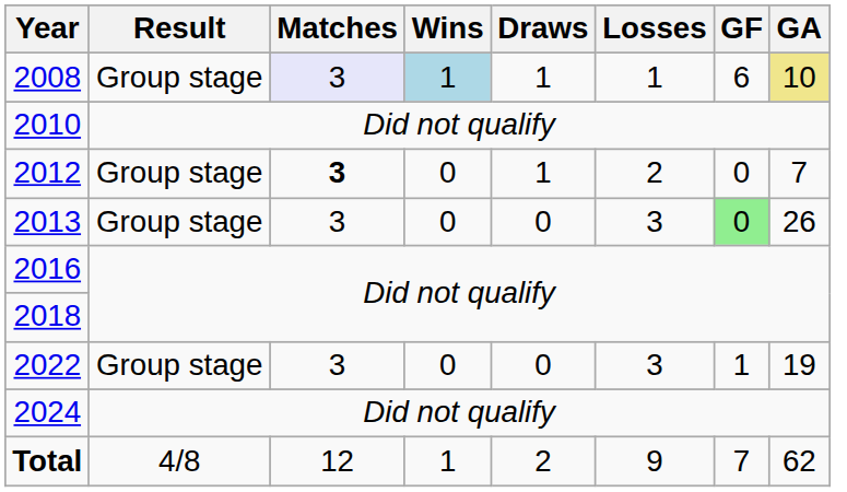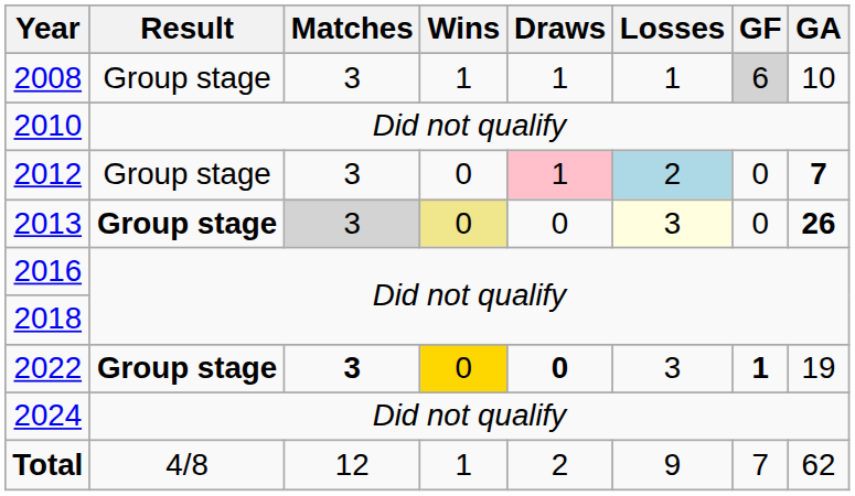 <table class="wikitable" style="text-align: center;">
 <tr>
 <th>Year</th>
 <th>Result</th>
 <th>Matches</th>
 <th>Wins</th>
 <th>Draws</th>
 <th>Losses</th>
 <th>GF</th>
 <th>GA</th>
 </tr>
 <tr>
 <td> <a href='#'>2008</a></td>
 <td>Group stage</td>
-<td style="background: lavender;">3</td>
-<td style="background: lightblue;">1</td>
+<td>3</td>
 <td>1</td>
 <td>1</td>
-<td>6</td>
-<td style="background: khaki;">10</td>
+<td>1</td>
+<td style="background: lightgrey;">6</td>
+<td>10</td>
 </tr>
 <tr>
 <td> <a href='#'>2010</a></td>
 <td colspan=8><em>Did not qualify</em></td>
 </tr>
 <tr>
 <td> <a href='#'>2012</a></td>
 <td>Group stage</td>
-<td><strong>3</strong></td>
+<td>3</td>
 <td>0</td>
-<td>1</td>
-<td>2</td>
+<td style="background: pink;">1</td>
+<td style="background: lightblue;">2</td>
 <td>0</td>
-<td>7</td>
+<td><strong>7</strong></td>
 </tr>
 <tr>
 <td> <a href='#'>2013</a></td>
-<td>Group stage</td>
-<td>3</td>
+<td><strong>Group stage</strong></td>
+<td style="background: lightgrey;">3</td>
+<td style="background: khaki;">0</td>
 <td>0</td>
+<td style="background: lightyellow;">3</td>
 <td>0</td>
-<td>3</td>
-<td style="background: lightgreen;">0</td>
-<td>26</td>
+<td><strong>26</strong></td>
 </tr>
 <tr>
 <td> <a href='#'>2016</a></td>
 <td colspan=8 rowspan=2><em>Did not qualify</em></td>
 </tr>
 <tr>
 <td> <a href='#'>2018</a></td>
 </tr>
 <tr>
 <td> <a href='#'>2022</a></td>
-<td>Group stage</td>
+<td><strong>Group stage</strong></td>
+<td><strong>3</strong></td>
+<td style="background: gold;">0</td>
+<td><strong>0</strong></td>
 <td>3</td>
-<td>0</td>
-<td>0</td>
-<td>3</td>
-<td>1</td>
+<td><strong>1</strong></td>
 <td>19</td>
 </tr>
 <tr>
 <td> <a href='#'>2024</a></td>
 <td colspan=8><em>Did not qualify</em></td>
 </tr>
 <tr>
 <td><strong>Total</strong></td>
 <td>4/8</td>
 <td>12</td>
 <td>1</td>
 <td>2</td>
 <td>9</td>
 <td>7</td>
 <td>62</td>
 </tr>
 </table>
